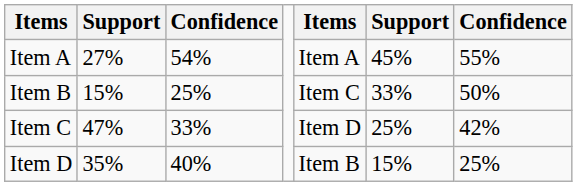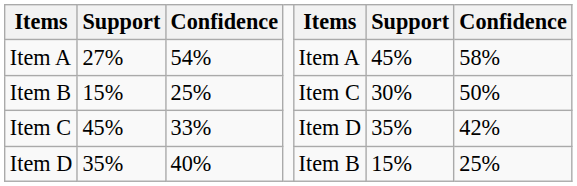 <table class="wikitable">
 <tr>
 <th scope="col">Items</th>
 <th scope="col">Support</th>
 <th scope="col">Confidence</th>
 <td rowspan="5" style="border: none; background: none;"></td>
 <th scope="col">Items</th>
 <th scope="col">Support</th>
 <th scope="col">Confidence</th>
 </tr>
 <tr>
 <td>Item A</td>
 <td>27%</td>
 <td>54%</td>
 <td>Item A</td>
 <td>45%</td>
-<td>55%</td>
+<td>58%</td>
 </tr>
 <tr>
 <td>Item B</td>
 <td>15%</td>
 <td>25%</td>
 <td>Item C</td>
-<td>33%</td>
+<td>30%</td>
 <td>50%</td>
 </tr>
 <tr>
 <td>Item C</td>
-<td>47%</td>
+<td>45%</td>
 <td>33%</td>
 <td>Item D</td>
-<td>25%</td>
+<td>35%</td>
 <td>42%</td>
 </tr>
 <tr>
 <td>Item D</td>
 <td>35%</td>
 <td>40%</td>
 <td>Item B</td>
 <td>15%</td>
 <td>25%</td>
 </tr>
 </table>
